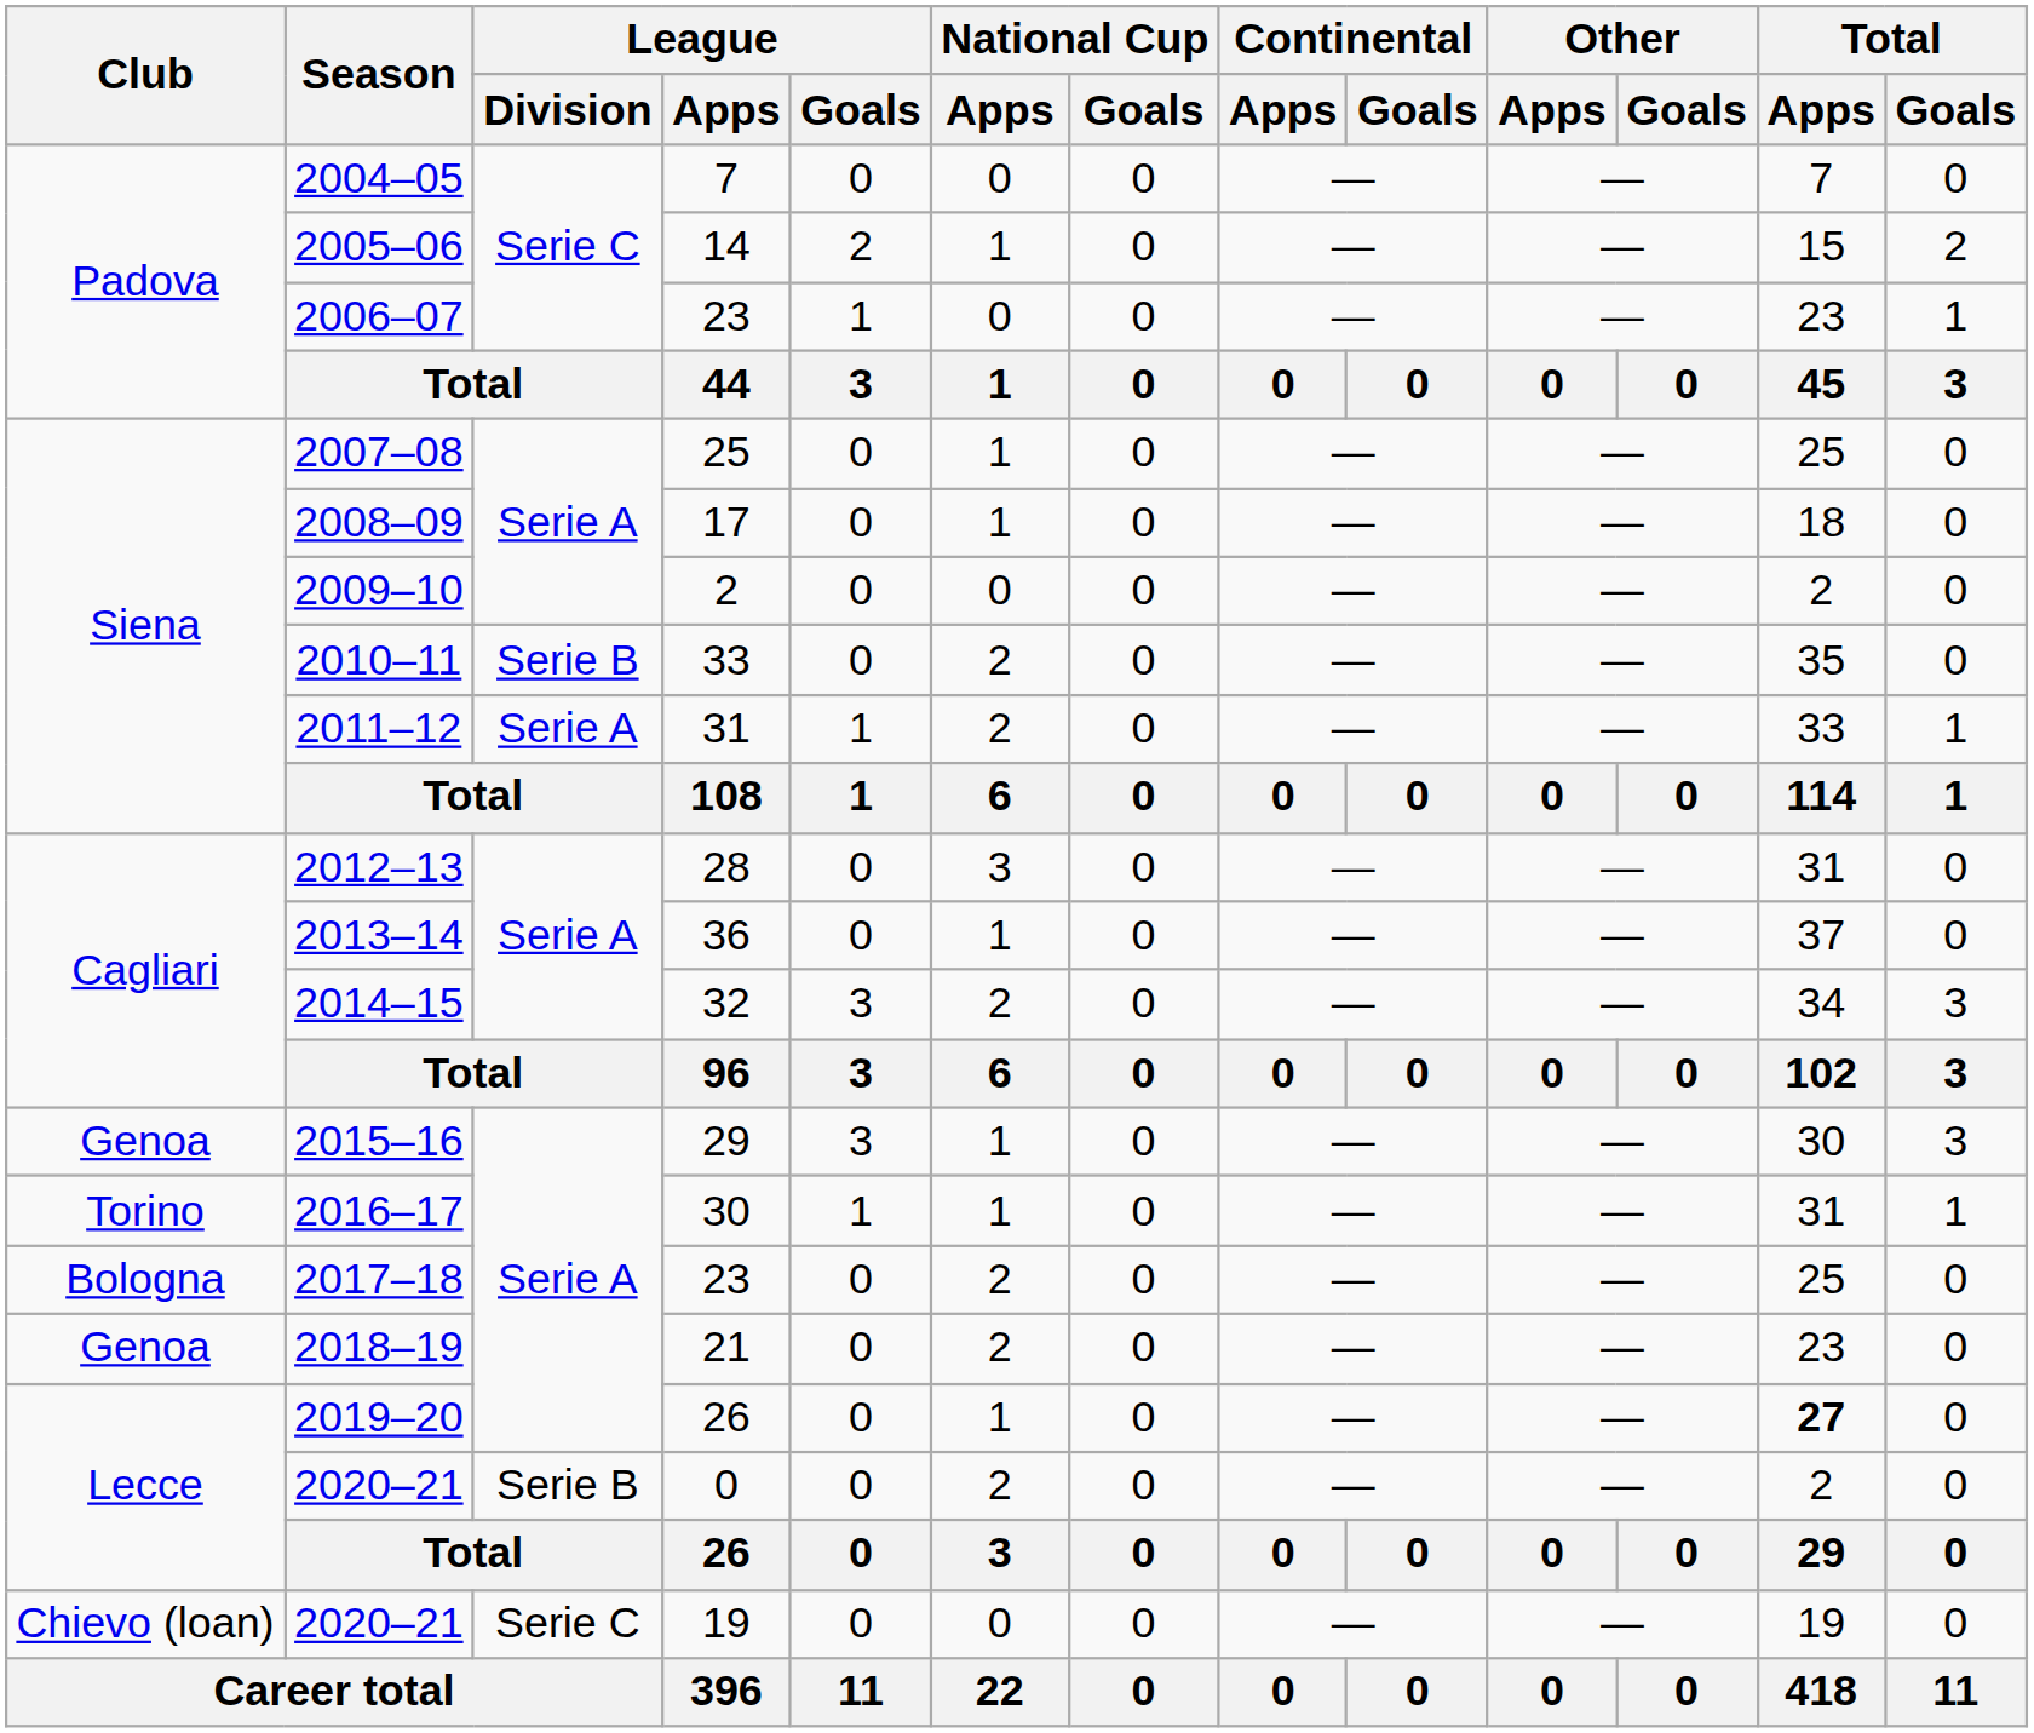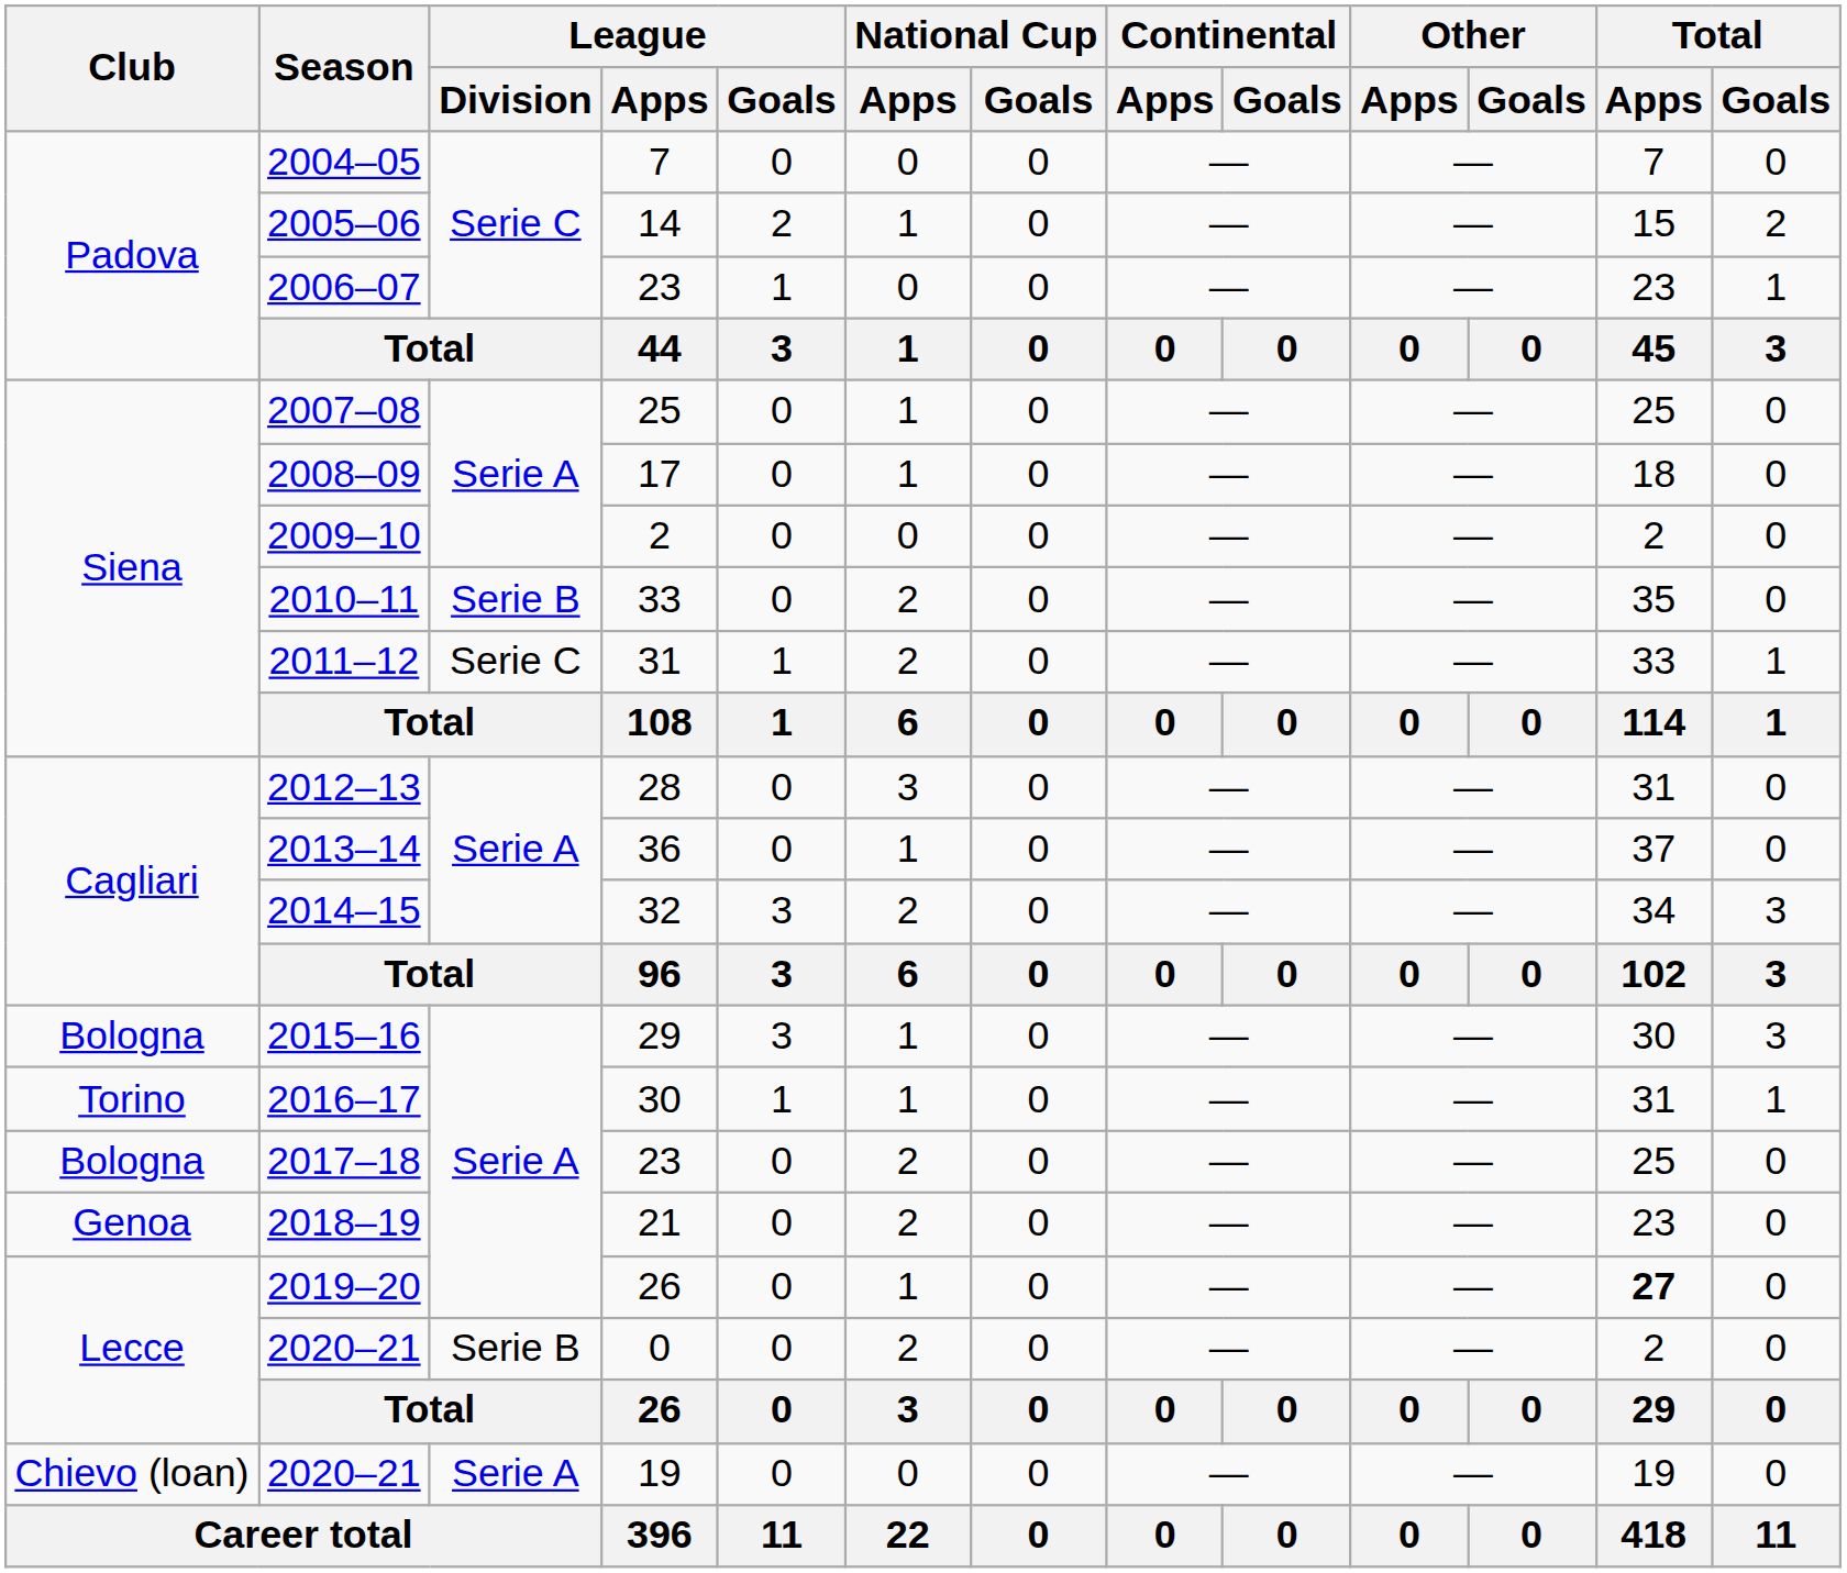 <table class="wikitable" style="text-align: center;">
 <tr>
 <th rowspan="2">Club</th>
 <th rowspan="2">Season</th>
 <th colspan="3">League</th>
 <th colspan="2">National Cup</th>
 <th colspan="2">Continental</th>
 <th colspan="2">Other</th>
 <th colspan="2">Total</th>
 </tr>
 <tr>
 <th>Division</th>
 <th>Apps</th>
 <th>Goals</th>
 <th>Apps</th>
 <th>Goals</th>
 <th>Apps</th>
 <th>Goals</th>
 <th>Apps</th>
 <th>Goals</th>
 <th>Apps</th>
 <th>Goals</th>
 </tr>
 <tr>
 <td rowspan="4"><a href='#'>Padova</a></td>
 <td><a href='#'>2004–05</a></td>
 <td rowspan="3"><a href='#'>Serie C</a></td>
 <td>7</td>
 <td>0</td>
 <td>0</td>
 <td>0</td>
 <td colspan="2“">—</td>
 <td colspan="2“">—</td>
 <td>7</td>
 <td>0</td>
 </tr>
 <tr>
 <td><a href='#'>2005–06</a></td>
 <td>14</td>
 <td>2</td>
 <td>1</td>
 <td>0</td>
 <td colspan="2“">—</td>
 <td colspan="2“">—</td>
 <td>15</td>
 <td>2</td>
 </tr>
 <tr>
 <td><a href='#'>2006–07</a></td>
 <td>23</td>
 <td>1</td>
 <td>0</td>
 <td>0</td>
 <td colspan="2“">—</td>
 <td colspan="2“">—</td>
 <td>23</td>
 <td>1</td>
 </tr>
 <tr>
 <th colspan="2">Total</th>
 <th>44</th>
 <th>3</th>
 <th>1</th>
 <th>0</th>
 <th>0</th>
 <th>0</th>
 <th>0</th>
 <th>0</th>
 <th>45</th>
 <th>3</th>
 </tr>
 <tr>
 <td rowspan="6"><a href='#'>Siena</a></td>
 <td><a href='#'>2007–08</a></td>
 <td rowspan="3"><a href='#'>Serie A</a></td>
 <td>25</td>
 <td>0</td>
 <td>1</td>
 <td>0</td>
 <td colspan="2“">—</td>
 <td colspan="2“">—</td>
 <td>25</td>
 <td>0</td>
 </tr>
 <tr>
 <td><a href='#'>2008–09</a></td>
 <td>17</td>
 <td>0</td>
 <td>1</td>
 <td>0</td>
 <td colspan="2“">—</td>
 <td colspan="2“">—</td>
 <td>18</td>
 <td>0</td>
 </tr>
 <tr>
 <td><a href='#'>2009–10</a></td>
 <td>2</td>
 <td>0</td>
 <td>0</td>
 <td>0</td>
 <td colspan="2“">—</td>
 <td colspan="2“">—</td>
 <td>2</td>
 <td>0</td>
 </tr>
 <tr>
 <td><a href='#'>2010–11</a></td>
 <td><a href='#'>Serie B</a></td>
 <td>33</td>
 <td>0</td>
 <td>2</td>
 <td>0</td>
 <td colspan="2“">—</td>
 <td colspan="2“">—</td>
 <td>35</td>
 <td>0</td>
 </tr>
 <tr>
 <td><a href='#'>2011–12</a></td>
-<td><a href='#'>Serie A</a></td>
+<td>Serie C</td>
 <td>31</td>
 <td>1</td>
 <td>2</td>
 <td>0</td>
 <td colspan="2“">—</td>
 <td colspan="2“">—</td>
 <td>33</td>
 <td>1</td>
 </tr>
 <tr>
 <th colspan="2">Total</th>
 <th>108</th>
 <th>1</th>
 <th>6</th>
 <th>0</th>
 <th>0</th>
 <th>0</th>
 <th>0</th>
 <th>0</th>
 <th>114</th>
 <th>1</th>
 </tr>
 <tr>
 <td rowspan="4"><a href='#'>Cagliari</a></td>
 <td><a href='#'>2012–13</a></td>
 <td rowspan="3"><a href='#'>Serie A</a></td>
 <td>28</td>
 <td>0</td>
 <td>3</td>
 <td>0</td>
 <td colspan="2“">—</td>
 <td colspan="2“">—</td>
 <td>31</td>
 <td>0</td>
 </tr>
 <tr>
 <td><a href='#'>2013–14</a></td>
 <td>36</td>
 <td>0</td>
 <td>1</td>
 <td>0</td>
 <td colspan="2“">—</td>
 <td colspan="2“">—</td>
 <td>37</td>
 <td>0</td>
 </tr>
 <tr>
 <td><a href='#'>2014–15</a></td>
 <td>32</td>
 <td>3</td>
 <td>2</td>
 <td>0</td>
 <td colspan="2“">—</td>
 <td colspan="2“">—</td>
 <td>34</td>
 <td>3</td>
 </tr>
 <tr>
 <th colspan="2">Total</th>
 <th>96</th>
 <th>3</th>
 <th>6</th>
 <th>0</th>
 <th>0</th>
 <th>0</th>
 <th>0</th>
 <th>0</th>
 <th>102</th>
 <th>3</th>
 </tr>
 <tr>
-<td><a href='#'>Genoa</a></td>
+<td><a href='#'>Bologna</a></td>
 <td><a href='#'>2015–16</a></td>
 <td rowspan="5"><a href='#'>Serie A</a></td>
 <td>29</td>
 <td>3</td>
 <td>1</td>
 <td>0</td>
 <td colspan="2“">—</td>
 <td colspan="2“">—</td>
 <td>30</td>
 <td>3</td>
 </tr>
 <tr>
 <td><a href='#'>Torino</a></td>
 <td><a href='#'>2016–17</a></td>
 <td>30</td>
 <td>1</td>
 <td>1</td>
 <td>0</td>
 <td colspan="2“">—</td>
 <td colspan="2“">—</td>
 <td>31</td>
 <td>1</td>
 </tr>
 <tr>
 <td><a href='#'>Bologna</a></td>
 <td><a href='#'>2017–18</a></td>
 <td>23</td>
 <td>0</td>
 <td>2</td>
 <td>0</td>
 <td colspan="2“">—</td>
 <td colspan="2“">—</td>
 <td>25</td>
 <td>0</td>
 </tr>
 <tr>
 <td><a href='#'>Genoa</a></td>
 <td><a href='#'>2018–19</a></td>
 <td>21</td>
 <td>0</td>
 <td>2</td>
 <td>0</td>
 <td colspan="2“">—</td>
 <td colspan="2“">—</td>
 <td>23</td>
 <td>0</td>
 </tr>
 <tr>
 <td rowspan="3"><a href='#'>Lecce</a></td>
 <td><a href='#'>2019–20</a></td>
 <td>26</td>
 <td>0</td>
 <td>1</td>
 <td>0</td>
 <td colspan="2“">—</td>
 <td colspan="2“">—</td>
 <td><strong>27</strong></td>
 <td>0</td>
 </tr>
 <tr>
 <td><a href='#'>2020–21</a></td>
 <td>Serie B</td>
 <td>0</td>
 <td>0</td>
 <td>2</td>
 <td>0</td>
 <td colspan="2“">—</td>
 <td colspan="2“">—</td>
 <td>2</td>
 <td>0</td>
 </tr>
 <tr>
 <th colspan="2">Total</th>
 <th>26</th>
 <th>0</th>
 <th>3</th>
 <th>0</th>
 <th>0</th>
 <th>0</th>
 <th>0</th>
 <th>0</th>
 <th>29</th>
 <th>0</th>
 </tr>
 <tr>
 <td><a href='#'>Chievo</a> (loan)</td>
 <td><a href='#'>2020–21</a></td>
-<td>Serie C</td>
+<td><a href='#'>Serie A</a></td>
 <td>19</td>
 <td>0</td>
 <td>0</td>
 <td>0</td>
 <td colspan="2“">—</td>
 <td colspan="2“">—</td>
 <td>19</td>
 <td>0</td>
 </tr>
 <tr>
 <th colspan="3">Career total</th>
 <th>396</th>
 <th>11</th>
 <th>22</th>
 <th>0</th>
 <th>0</th>
 <th>0</th>
 <th>0</th>
 <th>0</th>
 <th>418</th>
 <th>11</th>
 </tr>
 </table>
